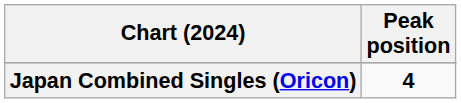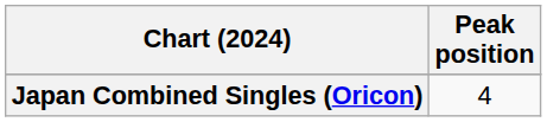 <table class="wikitable plainrowheaders sortable" style="text-align:center">
 <tr>
 <th scope="col">Chart (2024)</th>
 <th scope="col">Peak<br>position</th>
 </tr>
 <tr>
 </tr>
 <tr>
 </tr>
 <tr>
 <th scope="row">Japan Combined Singles (<a href='#'>Oricon</a>)</th>
-<td><strong>4</strong></td>
+<td>4</td>
 </tr>
 </table>
